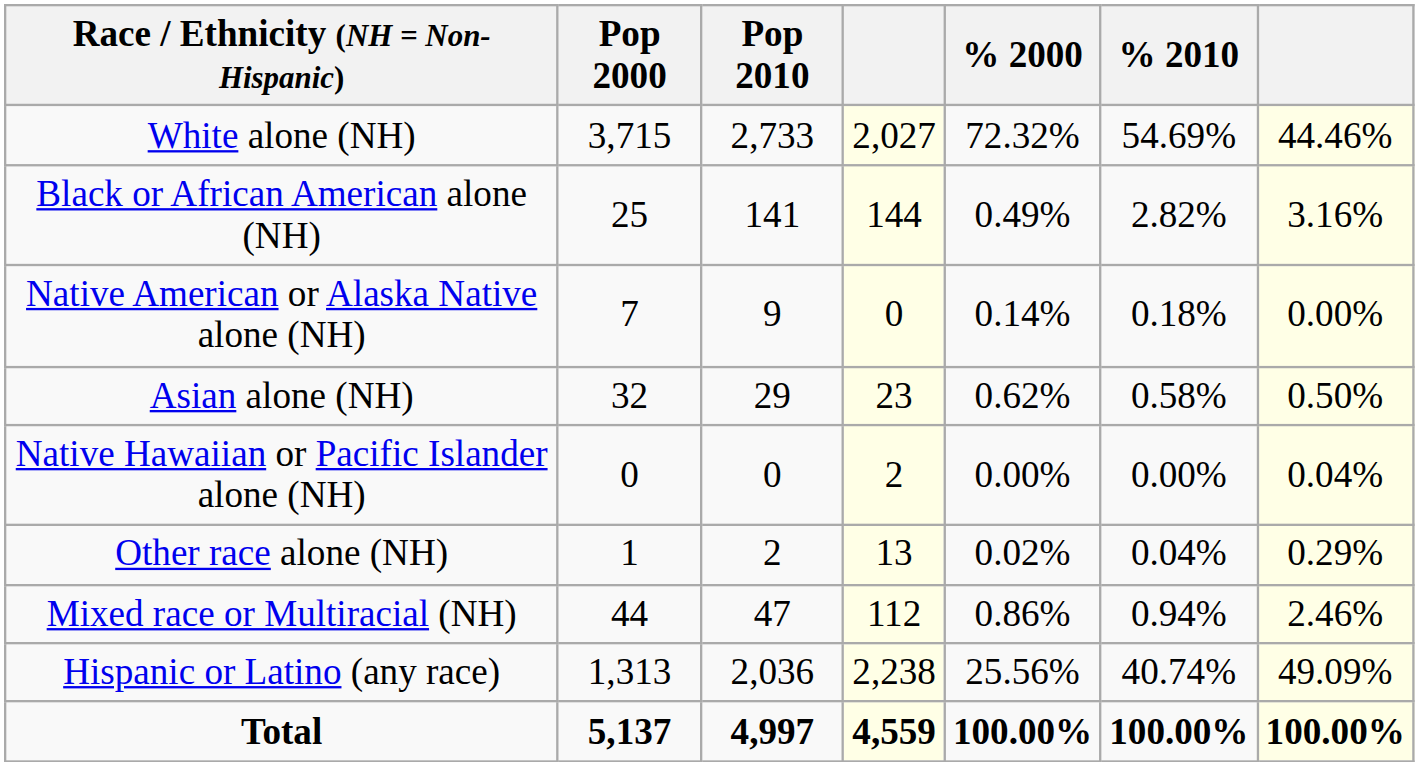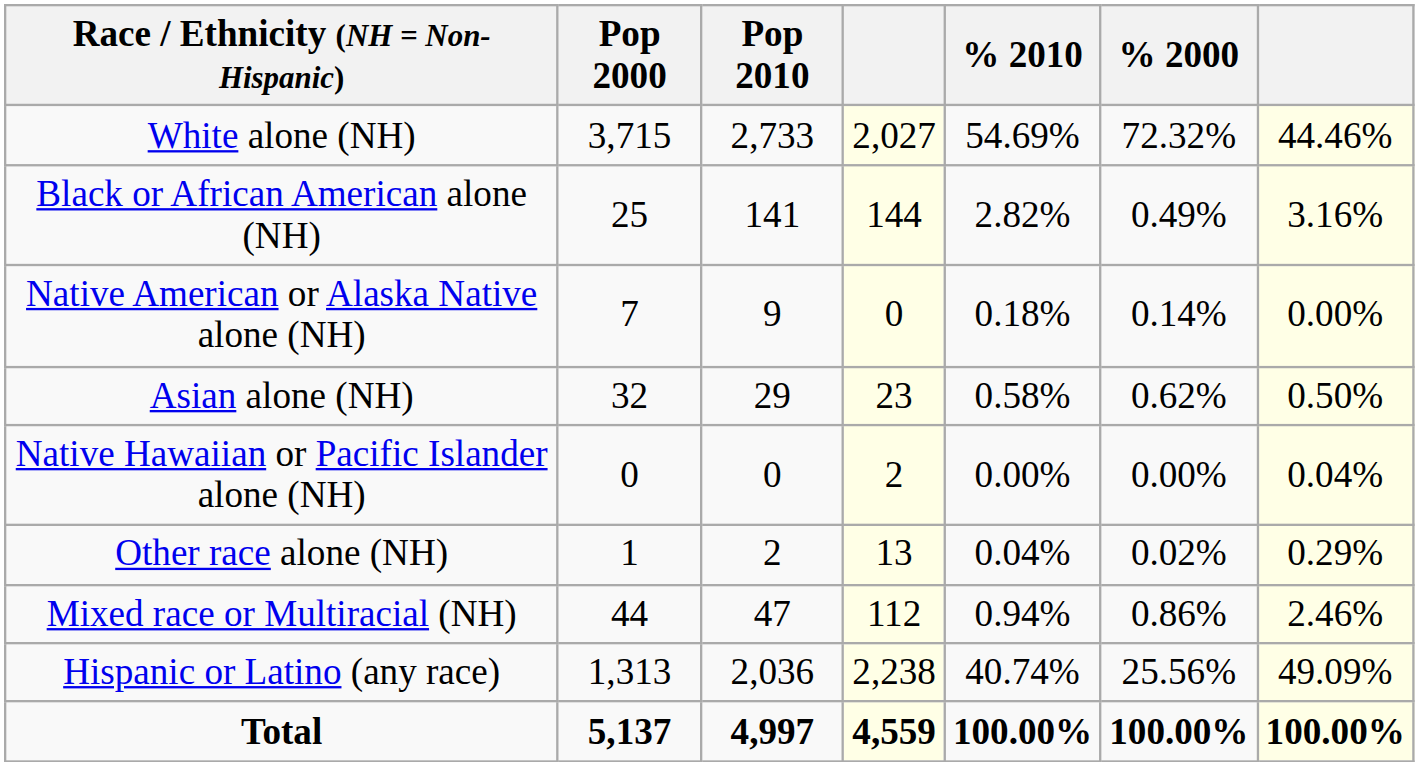 <table class="wikitable" style="text-align:center;">
 <tr>
 <th>Race / Ethnicity <small>(<em>NH = Non-Hispanic</em>)</small></th>
 <th>Pop 2000</th>
 <th>Pop 2010</th>
 <th></th>
+<th>% 2010</th>
 <th>% 2000</th>
-<th>% 2010</th>
 <th></th>
 </tr>
 <tr>
 <td><a href='#'>White</a> alone (NH)</td>
 <td>3,715</td>
 <td>2,733</td>
 <td style='background: #ffffe6;'>2,027</td>
+<td>54.69%</td>
 <td>72.32%</td>
-<td>54.69%</td>
 <td style='background: #ffffe6;'>44.46%</td>
 </tr>
 <tr>
 <td><a href='#'>Black or African American</a> alone (NH)</td>
 <td>25</td>
 <td>141</td>
 <td style='background: #ffffe6;'>144</td>
+<td>2.82%</td>
 <td>0.49%</td>
-<td>2.82%</td>
 <td style='background: #ffffe6;'>3.16%</td>
 </tr>
 <tr>
 <td><a href='#'>Native American</a> or <a href='#'>Alaska Native</a> alone (NH)</td>
 <td>7</td>
 <td>9</td>
 <td style='background: #ffffe6;'>0</td>
+<td>0.18%</td>
 <td>0.14%</td>
-<td>0.18%</td>
 <td style='background: #ffffe6;'>0.00%</td>
 </tr>
 <tr>
 <td><a href='#'>Asian</a> alone (NH)</td>
 <td>32</td>
 <td>29</td>
 <td style='background: #ffffe6;'>23</td>
+<td>0.58%</td>
 <td>0.62%</td>
-<td>0.58%</td>
 <td style='background: #ffffe6;'>0.50%</td>
 </tr>
 <tr>
 <td><a href='#'>Native Hawaiian</a> or <a href='#'>Pacific Islander</a> alone (NH)</td>
 <td>0</td>
 <td>0</td>
 <td style='background: #ffffe6;'>2</td>
 <td>0.00%</td>
 <td>0.00%</td>
 <td style='background: #ffffe6;'>0.04%</td>
 </tr>
 <tr>
 <td><a href='#'>Other race</a> alone (NH)</td>
 <td>1</td>
 <td>2</td>
 <td style='background: #ffffe6;'>13</td>
+<td>0.04%</td>
 <td>0.02%</td>
-<td>0.04%</td>
 <td style='background: #ffffe6;'>0.29%</td>
 </tr>
 <tr>
 <td><a href='#'>Mixed race or Multiracial</a> (NH)</td>
 <td>44</td>
 <td>47</td>
 <td style='background: #ffffe6;'>112</td>
+<td>0.94%</td>
 <td>0.86%</td>
-<td>0.94%</td>
 <td style='background: #ffffe6;'>2.46%</td>
 </tr>
 <tr>
 <td><a href='#'>Hispanic or Latino</a> (any race)</td>
 <td>1,313</td>
 <td>2,036</td>
 <td style='background: #ffffe6;'>2,238</td>
+<td>40.74%</td>
 <td>25.56%</td>
-<td>40.74%</td>
 <td style='background: #ffffe6;'>49.09%</td>
 </tr>
 <tr>
 <td><strong>Total</strong></td>
 <td><strong>5,137</strong></td>
 <td><strong>4,997</strong></td>
 <td style='background: #ffffe6;'><strong>4,559</strong></td>
 <td><strong>100.00%</strong></td>
 <td><strong>100.00%</strong></td>
 <td style='background: #ffffe6;'><strong>100.00%</strong></td>
 </tr>
 </table>
